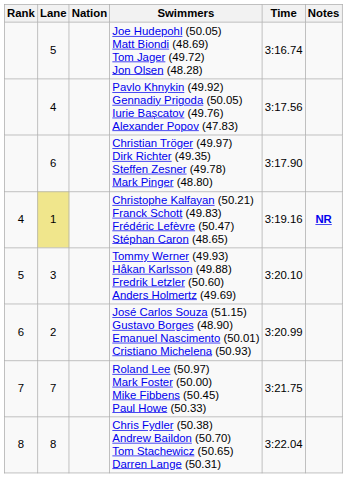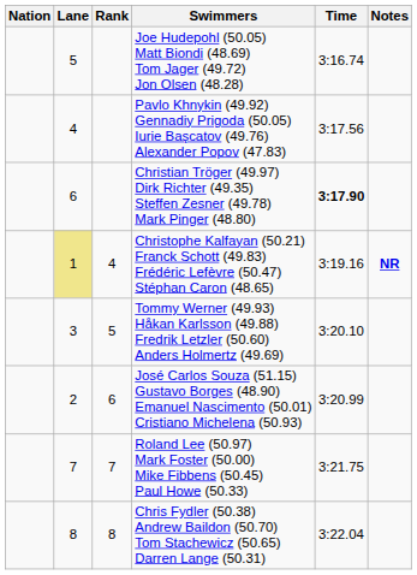 <table class="wikitable sortable" style="text-align:center">
 <tr>
+<th>Nation</th>
+<th>Lane</th>
 <th>Rank</th>
-<th>Lane</th>
-<th>Nation</th>
 <th>Swimmers</th>
 <th>Time</th>
 <th>Notes</th>
 </tr>
 <tr>
+<td align=left></td>
+<td>5</td>
 <td></td>
-<td>5</td>
-<td align=left></td>
 <td align=left><a href='#'>Joe Hudepohl</a> (50.05)<br><a href='#'>Matt Biondi</a> (48.69)<br><a href='#'>Tom Jager</a> (49.72)<br><a href='#'>Jon Olsen</a> (48.28)</td>
 <td>3:16.74</td>
 <td></td>
 </tr>
 <tr>
+<td align=left></td>
+<td>4</td>
 <td></td>
-<td>4</td>
-<td align=left></td>
 <td align=left><a href='#'>Pavlo Khnykin</a> (49.92)<br><a href='#'>Gennadiy Prigoda</a> (50.05)<br><a href='#'>Iurie Başcatov</a> (49.76)<br><a href='#'>Alexander Popov</a> (47.83)</td>
 <td>3:17.56</td>
 <td></td>
 </tr>
 <tr>
+<td align=left></td>
+<td>6</td>
 <td></td>
-<td>6</td>
-<td align=left></td>
 <td align=left><a href='#'>Christian Tröger</a> (49.97)<br><a href='#'>Dirk Richter</a> (49.35)<br><a href='#'>Steffen Zesner</a> (49.78)<br><a href='#'>Mark Pinger</a> (48.80)</td>
-<td>3:17.90</td>
+<td><strong>3:17.90</strong></td>
 <td></td>
 </tr>
 <tr>
+<td align=left></td>
+<td style="background: khaki;">1</td>
 <td>4</td>
-<td style="background: khaki;">1</td>
-<td align=left></td>
 <td align=left><a href='#'>Christophe Kalfayan</a> (50.21)<br><a href='#'>Franck Schott</a> (49.83)<br><a href='#'>Frédéric Lefèvre</a> (50.47)<br><a href='#'>Stéphan Caron</a> (48.65)</td>
 <td>3:19.16</td>
 <td><strong><a href='#'>NR</a></strong></td>
 </tr>
 <tr>
+<td align=left></td>
+<td>3</td>
 <td>5</td>
-<td>3</td>
-<td align=left></td>
 <td align=left><a href='#'>Tommy Werner</a> (49.93)<br><a href='#'>Håkan Karlsson</a> (49.88)<br><a href='#'>Fredrik Letzler</a> (50.60)<br><a href='#'>Anders Holmertz</a> (49.69)</td>
 <td>3:20.10</td>
 <td></td>
 </tr>
 <tr>
+<td align=left></td>
+<td>2</td>
 <td>6</td>
-<td>2</td>
-<td align=left></td>
 <td align=left><a href='#'>José Carlos Souza</a> (51.15)<br><a href='#'>Gustavo Borges</a> (48.90)<br><a href='#'>Emanuel Nascimento</a> (50.01)<br><a href='#'>Cristiano Michelena</a> (50.93)</td>
 <td>3:20.99</td>
 <td></td>
 </tr>
 <tr>
+<td align=left></td>
 <td>7</td>
 <td>7</td>
-<td align=left></td>
 <td align=left><a href='#'>Roland Lee</a> (50.97)<br><a href='#'>Mark Foster</a> (50.00)<br><a href='#'>Mike Fibbens</a> (50.45)<br><a href='#'>Paul Howe</a> (50.33)</td>
 <td>3:21.75</td>
 <td></td>
 </tr>
 <tr>
+<td align=left></td>
 <td>8</td>
 <td>8</td>
-<td align=left></td>
 <td align=left><a href='#'>Chris Fydler</a> (50.38)<br><a href='#'>Andrew Baildon</a> (50.70)<br><a href='#'>Tom Stachewicz</a> (50.65)<br><a href='#'>Darren Lange</a> (50.31)</td>
 <td>3:22.04</td>
 <td></td>
 </tr>
 </table>
